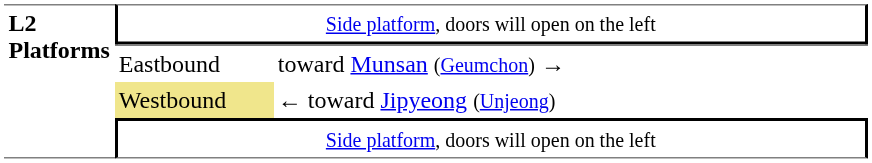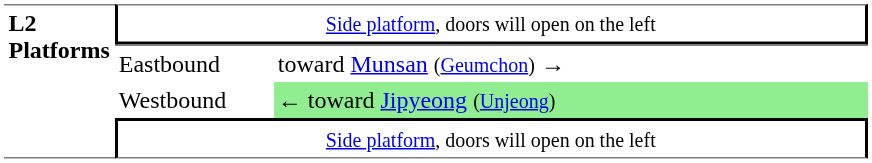 <table table border=0 cellspacing=0 cellpadding=3>
 <tr>
 <td style="border-top:solid 1px gray;border-bottom:solid 1px gray;" width=50 rowspan=10 valign=top><strong>L2<br>Platforms</strong></td>
 <td style="border-top:solid 1px gray;border-right:solid 2px black;border-left:solid 2px black;border-bottom:solid 2px black;text-align:center;" colspan=2><small><a href='#'>Side platform</a>, doors will open on the left</small></td>
 </tr>
 <tr>
 <td style="border-bottom:solid 0px gray;border-top:solid 1px gray;" width=100>Eastbound</td>
 <td style="border-bottom:solid 0px gray;border-top:solid 1px gray;" width=390>  toward <a href='#'>Munsan</a> <small>(<a href='#'>Geumchon</a>)</small> →</td>
 </tr>
 <tr>
-<td style="background: khaki;">Westbound</td>
-<td>←  toward <a href='#'>Jipyeong</a> <small>(<a href='#'>Unjeong</a>)</small></td>
+<td>Westbound</td>
+<td style="background: lightgreen;">←  toward <a href='#'>Jipyeong</a> <small>(<a href='#'>Unjeong</a>)</small></td>
 </tr>
 <tr>
 <td style="border-top:solid 2px black;border-right:solid 2px black;border-left:solid 2px black;border-bottom:solid 1px gray;text-align:center;" colspan=2><small><a href='#'>Side platform</a>, doors will open on the left</small></td>
 </tr>
 </table>
